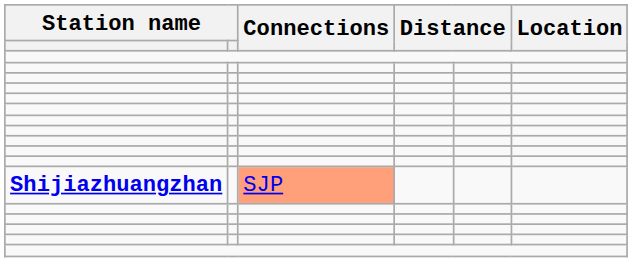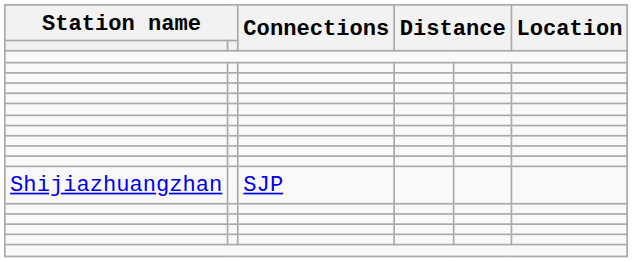 <table class="wikitable">
 <tr>
 <th colspan="2">Station name</th>
 <th rowspan="2">Connections</th>
 <th colspan="2" rowspan="2">Distance<br></th>
 <th rowspan="2">Location</th>
 </tr>
 <tr>
 <th></th>
 <th></th>
 </tr>
 <tr style="background:#">
 <td colspan = "8"></td>
 </tr>
 <tr>
 <td></td>
 <td></td>
 <td></td>
 <td></td>
 <td></td>
 <td></td>
 </tr>
 <tr>
 <td></td>
 <td></td>
 <td></td>
 <td></td>
 <td></td>
 <td></td>
 </tr>
 <tr>
 <td></td>
 <td></td>
 <td></td>
 <td></td>
 <td></td>
 <td></td>
 </tr>
 <tr>
 <td></td>
 <td></td>
 <td></td>
 <td></td>
 <td></td>
 <td></td>
 </tr>
 <tr>
 <td></td>
 <td></td>
 <td></td>
 <td></td>
 <td></td>
 <td></td>
 </tr>
 <tr>
 <td></td>
 <td></td>
 <td></td>
 <td></td>
 <td></td>
 <td></td>
 </tr>
 <tr>
 <td></td>
 <td></td>
 <td></td>
 <td></td>
 <td></td>
 <td></td>
 </tr>
 <tr>
 <td></td>
 <td></td>
 <td></td>
 <td></td>
 <td></td>
 <td></td>
 </tr>
 <tr>
 <td></td>
 <td></td>
 <td></td>
 <td></td>
 <td></td>
 <td></td>
 </tr>
 <tr>
 <td></td>
 <td></td>
 <td></td>
 <td></td>
 <td></td>
 <td></td>
 </tr>
 <tr>
-<td><strong><a href='#'>Shijiazhuangzhan</a></strong></td>
+<td><a href='#'>Shijiazhuangzhan</a></td>
 <td></td>
-<td style="background: lightsalmon;"> <a href='#'>SJP</a><br></td>
+<td> <a href='#'>SJP</a><br></td>
 <td></td>
 <td></td>
 <td></td>
 </tr>
 <tr>
 <td></td>
 <td></td>
 <td></td>
 <td></td>
 <td></td>
 <td></td>
 </tr>
 <tr>
 <td></td>
 <td></td>
 <td></td>
 <td></td>
 <td></td>
 <td></td>
 </tr>
 <tr>
 <td></td>
 <td></td>
 <td></td>
 <td></td>
 <td></td>
 <td></td>
 </tr>
 <tr>
 <td></td>
 <td></td>
 <td></td>
 <td></td>
 <td></td>
 <td></td>
 </tr>
 <tr style="background:#">
 <td colspan = "8"></td>
 </tr>
 </table>
